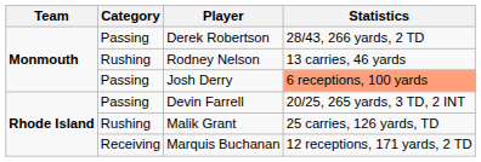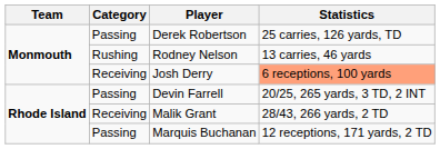 <table class="wikitable" style="float: right;">
 <tr>
 <th>Team</th>
 <th>Category</th>
 <th>Player</th>
 <th>Statistics</th>
 </tr>
 <tr>
 <td rowspan=3><strong>Monmouth</strong></td>
 <td>Passing</td>
 <td>Derek Robertson</td>
-<td>28/43, 266 yards, 2 TD</td>
+<td>25 carries, 126 yards, TD</td>
 </tr>
 <tr>
 <td>Rushing</td>
 <td>Rodney Nelson</td>
 <td>13 carries, 46 yards</td>
 </tr>
 <tr>
-<td>Passing</td>
+<td>Receiving</td>
 <td>Josh Derry</td>
 <td style="background: lightsalmon;">6 receptions, 100 yards</td>
 </tr>
 <tr>
 <td rowspan=3><strong>Rhode Island</strong></td>
 <td>Passing</td>
 <td>Devin Farrell</td>
 <td>20/25, 265 yards, 3 TD, 2 INT</td>
 </tr>
 <tr>
-<td>Rushing</td>
+<td>Receiving</td>
 <td>Malik Grant</td>
-<td>25 carries, 126 yards, TD</td>
+<td>28/43, 266 yards, 2 TD</td>
 </tr>
 <tr>
-<td>Receiving</td>
+<td>Passing</td>
 <td>Marquis Buchanan</td>
 <td>12 receptions, 171 yards, 2 TD</td>
 </tr>
 </table>
